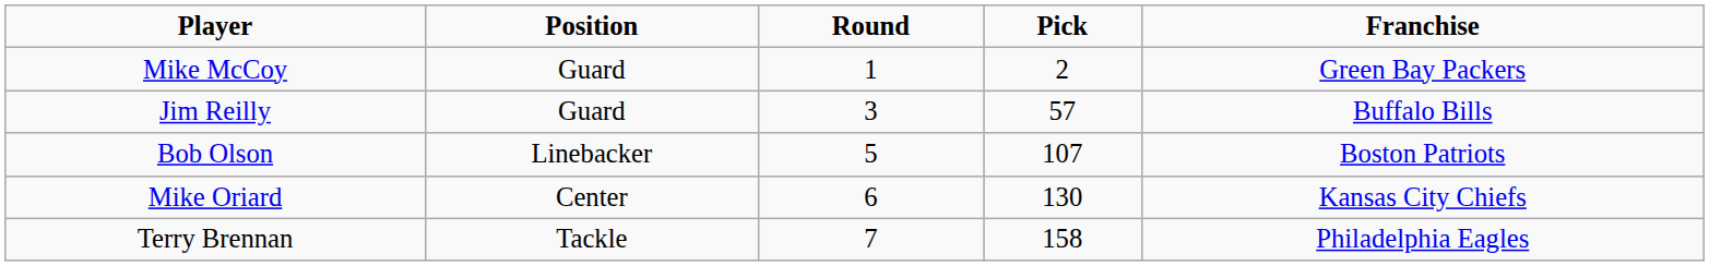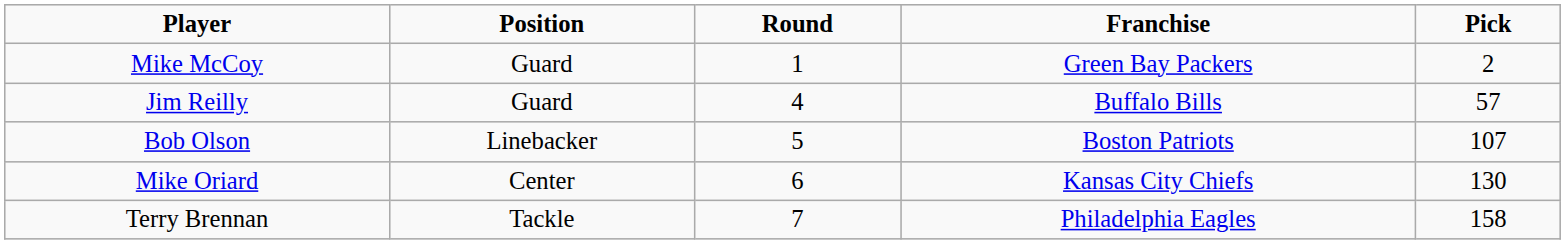 <table class="wikitable" width="80%" style="text-align:center; width:80%;">
 <tr align="center">
 <td><strong>Player</strong></td>
 <td><strong>Position</strong></td>
 <td><strong>Round</strong></td>
+<td><strong>Franchise</strong></td>
 <td><strong>Pick</strong></td>
-<td><strong>Franchise</strong></td>
 </tr>
 <tr>
 <td><a href='#'>Mike McCoy</a></td>
 <td>Guard</td>
 <td>1</td>
+<td><a href='#'>Green Bay Packers</a></td>
 <td>2</td>
-<td><a href='#'>Green Bay Packers</a></td>
 </tr>
 <tr>
 <td><a href='#'>Jim Reilly</a></td>
 <td>Guard</td>
-<td>3</td>
+<td>4</td>
+<td><a href='#'>Buffalo Bills</a></td>
 <td>57</td>
-<td><a href='#'>Buffalo Bills</a></td>
 </tr>
 <tr>
 <td><a href='#'>Bob Olson</a></td>
 <td>Linebacker</td>
 <td>5</td>
+<td><a href='#'>Boston Patriots</a></td>
 <td>107</td>
-<td><a href='#'>Boston Patriots</a></td>
 </tr>
 <tr>
 <td><a href='#'>Mike Oriard</a></td>
 <td>Center</td>
 <td>6</td>
+<td><a href='#'>Kansas City Chiefs</a></td>
 <td>130</td>
-<td><a href='#'>Kansas City Chiefs</a></td>
 </tr>
 <tr>
 <td>Terry Brennan</td>
 <td>Tackle</td>
 <td>7</td>
+<td><a href='#'>Philadelphia Eagles</a></td>
 <td>158</td>
-<td><a href='#'>Philadelphia Eagles</a></td>
 </tr>
 </table>
